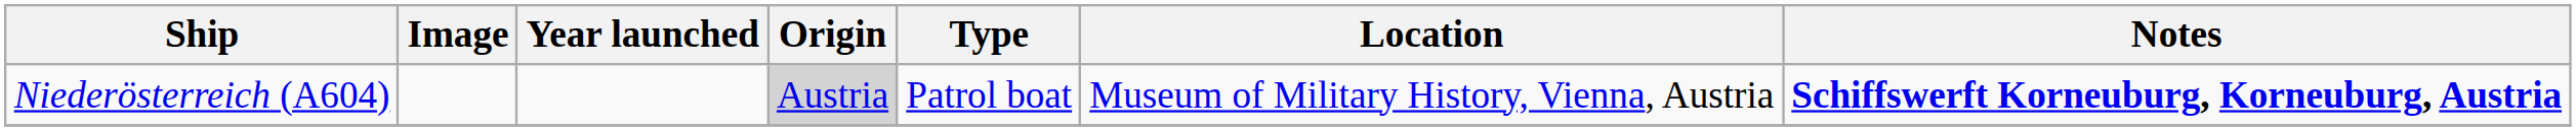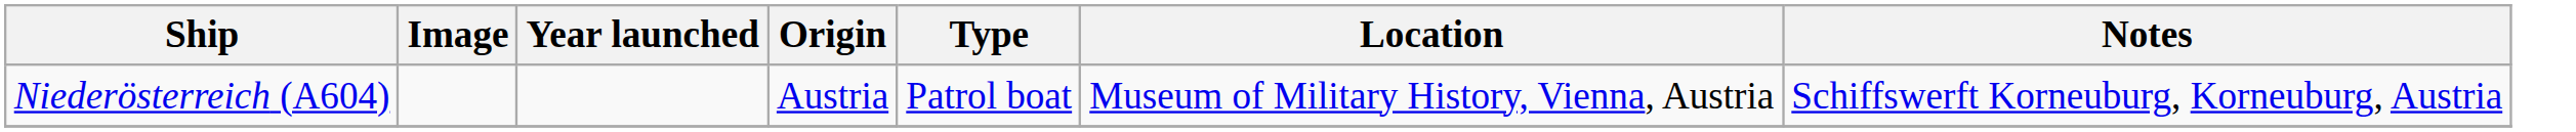 <table class="wikitable sortable">
 <tr>
 <th>Ship</th>
 <th>Image</th>
 <th>Year launched</th>
 <th>Origin</th>
 <th>Type</th>
 <th>Location</th>
 <th>Notes</th>
 </tr>
 <tr>
 <td data-sort-value=Niederösterreich><a href='#'><em>Niederösterreich</em> (A604)</a></td>
 <td></td>
 <td></td>
-<td style="background: lightgrey;"> <a href='#'>Austria</a></td>
+<td> <a href='#'>Austria</a></td>
 <td><a href='#'>Patrol boat</a></td>
 <td><a href='#'>Museum of Military History, Vienna</a>, Austria</td>
-<td><strong><a href='#'>Schiffswerft Korneuburg</a>, <a href='#'>Korneuburg</a>, <a href='#'>Austria</a></strong></td>
+<td><a href='#'>Schiffswerft Korneuburg</a>, <a href='#'>Korneuburg</a>, <a href='#'>Austria</a></td>
 </tr>
 <tr>
 </tr>
 </table>
